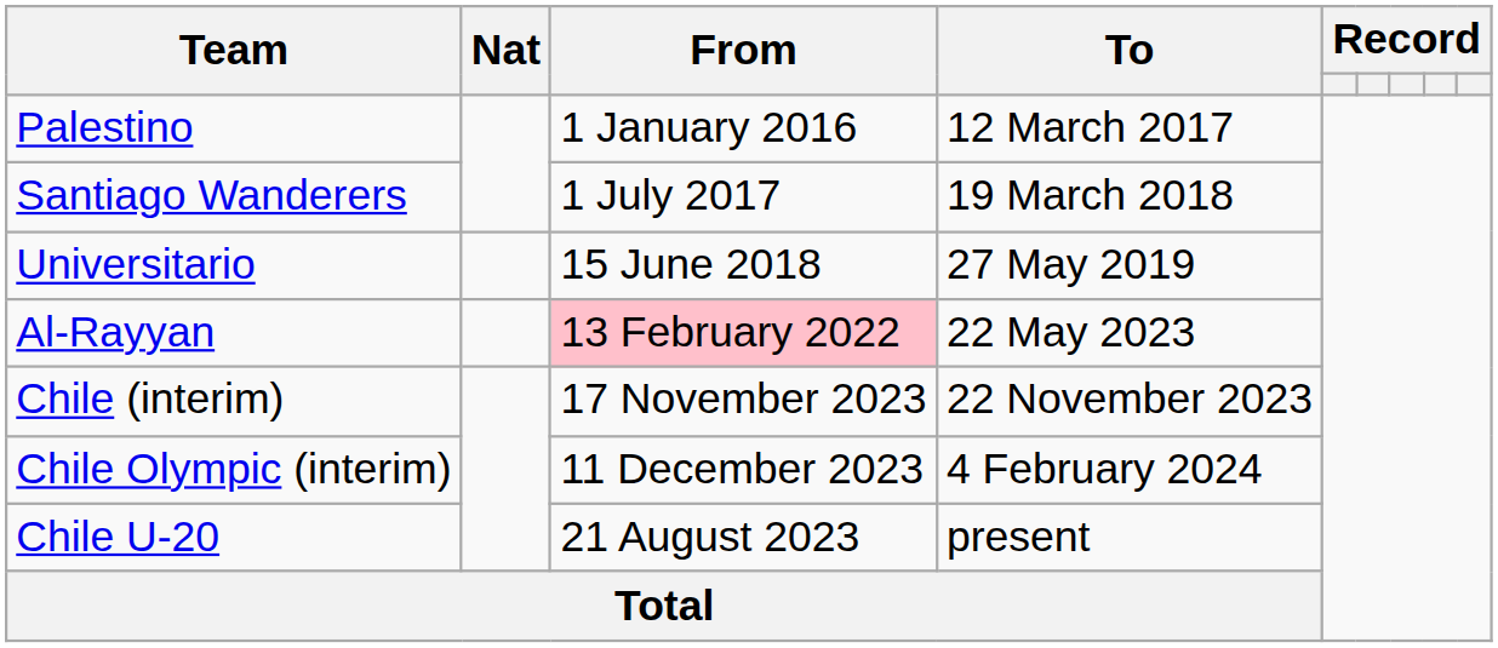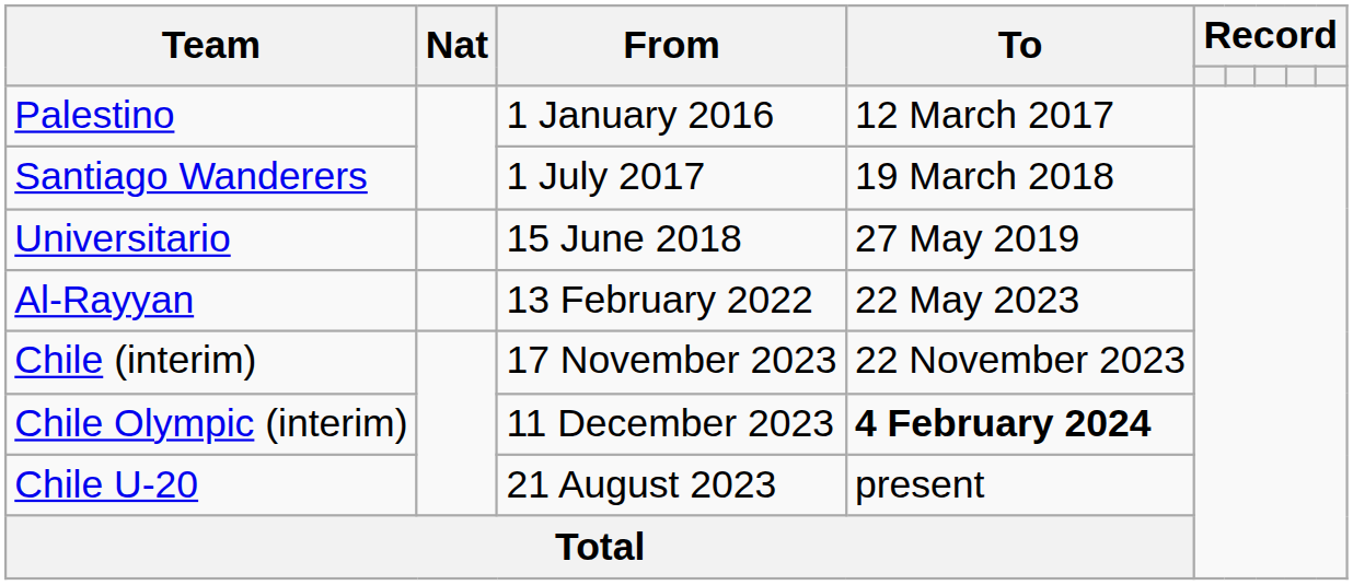 <table class="wikitable" style="text-align: center">
 <tr>
 <th rowspan="2">Team</th>
 <th rowspan="2">Nat</th>
 <th rowspan="2">From</th>
 <th rowspan="2">To</th>
 <th colspan="5">Record</th>
 </tr>
 <tr>
 <th></th>
 <th></th>
 <th></th>
 <th></th>
 <th></th>
 </tr>
 <tr>
 <td align="left"><a href='#'>Palestino</a></td>
 <td rowspan="2"></td>
 <td align="left">1 January 2016</td>
 <td align="left">12 March 2017<br></td>
 </tr>
 <tr>
 <td align="left"><a href='#'>Santiago Wanderers</a></td>
 <td align="left">1 July 2017</td>
 <td align="left">19 March 2018<br></td>
 </tr>
 <tr>
 <td align="left"><a href='#'>Universitario</a></td>
 <td></td>
 <td align="left">15 June 2018</td>
 <td align="left">27 May 2019<br></td>
 </tr>
 <tr>
 <td align="left"><a href='#'>Al-Rayyan</a></td>
 <td></td>
-<td align="left" style="background: pink;">13 February 2022</td>
+<td align="left">13 February 2022</td>
 <td align="left">22 May 2023<br></td>
 </tr>
 <tr>
 <td align="left"><a href='#'>Chile</a> (interim)</td>
 <td rowspan="3"></td>
 <td align="left">17 November 2023</td>
 <td align="left">22 November 2023<br></td>
 </tr>
 <tr>
 <td align="left"><a href='#'>Chile Olympic</a> (interim)</td>
 <td align="left">11 December 2023</td>
-<td align="left">4 February 2024<br></td>
+<td align="left"><strong>4 February 2024<br></strong></td>
 </tr>
 <tr>
 <td align="left"><a href='#'>Chile U-20</a></td>
 <td align="left">21 August 2023</td>
 <td align="left">present<br></td>
 </tr>
 <tr>
 <th colspan="4">Total<br></th>
 </tr>
 </table>
